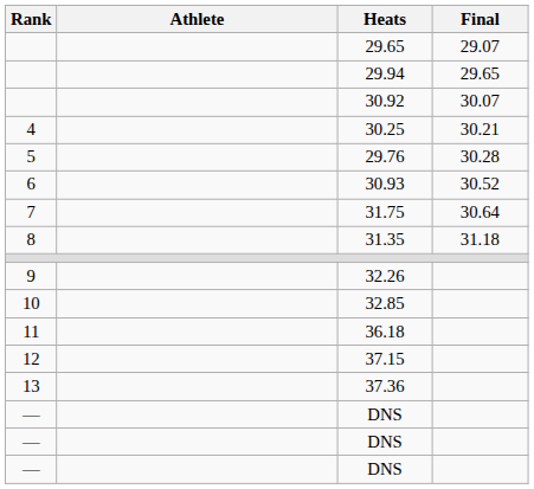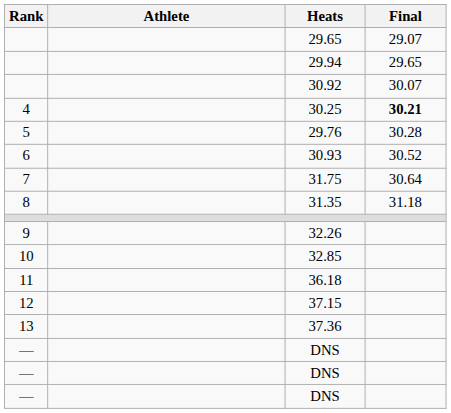 <table class=wikitable style="text-align:center">
 <tr>
 <th width=40>Rank</th>
 <th width=250>Athlete</th>
 <th width=80>Heats</th>
 <th width=80>Final</th>
 </tr>
 <tr>
 <td></td>
 <td align=left></td>
 <td>29.65</td>
 <td>29.07</td>
 </tr>
 <tr>
 <td></td>
 <td align=left></td>
 <td>29.94</td>
 <td>29.65</td>
 </tr>
 <tr>
 <td></td>
 <td align=left></td>
 <td>30.92</td>
 <td>30.07</td>
 </tr>
 <tr>
 <td>4</td>
 <td align=left></td>
 <td>30.25</td>
-<td>30.21</td>
+<td><strong>30.21</strong></td>
 </tr>
 <tr>
 <td>5</td>
 <td align=left></td>
 <td>29.76</td>
 <td>30.28</td>
 </tr>
 <tr>
 <td>6</td>
 <td align=left></td>
 <td>30.93</td>
 <td>30.52</td>
 </tr>
 <tr>
 <td>7</td>
 <td align=left></td>
 <td>31.75</td>
 <td>30.64</td>
 </tr>
 <tr>
 <td>8</td>
 <td align=left></td>
 <td>31.35</td>
 <td>31.18</td>
 </tr>
 <tr bgcolor=#DDDDDD>
 <td colspan=4></td>
 </tr>
 <tr>
 <td>9</td>
 <td align=left></td>
 <td>32.26</td>
 <td></td>
 </tr>
 <tr>
 <td>10</td>
 <td align=left></td>
 <td>32.85</td>
 <td></td>
 </tr>
 <tr>
 <td>11</td>
 <td align=left></td>
 <td>36.18</td>
 <td></td>
 </tr>
 <tr>
 <td>12</td>
 <td align=left></td>
 <td>37.15</td>
 <td></td>
 </tr>
 <tr>
 <td>13</td>
 <td align=left></td>
 <td>37.36</td>
 <td></td>
 </tr>
 <tr>
 <td>—</td>
 <td align=left></td>
 <td>DNS</td>
 <td></td>
 </tr>
 <tr>
 <td>—</td>
 <td align=left></td>
 <td>DNS</td>
 <td></td>
 </tr>
 <tr>
 <td>—</td>
 <td align=left></td>
 <td>DNS</td>
 <td></td>
 </tr>
 </table>
